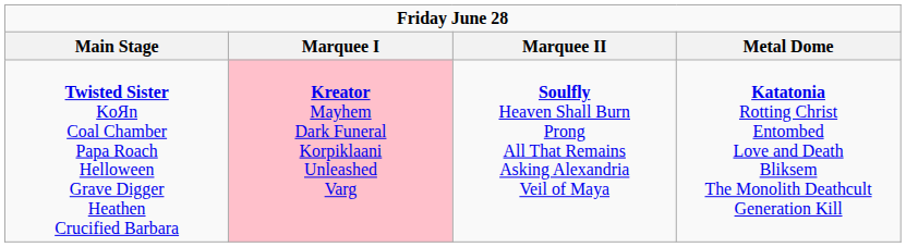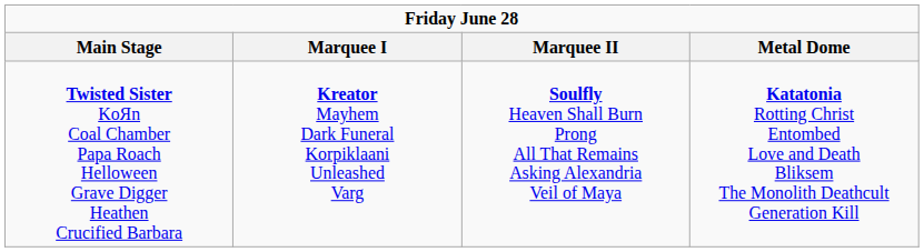 <table class="wikitable">
 <tr>
 <td colspan="4" style="text-align:center;"><strong>Friday June 28</strong></td>
 </tr>
 <tr>
 <th>Main Stage</th>
 <th>Marquee I</th>
 <th>Marquee II</th>
 <th>Metal Dome</th>
 </tr>
 <tr>
 <td style="text-align:center; vertical-align:top; width:200px;"><br><strong><a href='#'>Twisted Sister</a></strong> <br> <a href='#'>KoЯn</a> <br> <a href='#'>Coal Chamber</a> <br> <a href='#'>Papa Roach</a> <br> <a href='#'>Helloween</a> <br> <a href='#'>Grave Digger</a> <br> <a href='#'>Heathen</a> <br> <a href='#'>Crucified Barbara</a></td>
-<td style="background: pink; text-align:center; vertical-align:top; width:200px;"><br><strong><a href='#'>Kreator</a></strong> <br><a href='#'>Mayhem</a> <br> <a href='#'>Dark Funeral</a> <br> <a href='#'>Korpiklaani</a>  <br><a href='#'>Unleashed</a> <br><a href='#'>Varg</a></td>
+<td style="text-align:center; vertical-align:top; width:200px;"><br><strong><a href='#'>Kreator</a></strong> <br><a href='#'>Mayhem</a> <br> <a href='#'>Dark Funeral</a> <br> <a href='#'>Korpiklaani</a>  <br><a href='#'>Unleashed</a> <br><a href='#'>Varg</a></td>
 <td style="text-align:center; vertical-align:top; width:200px;"><br><strong><a href='#'>Soulfly</a></strong> <br><a href='#'>Heaven Shall Burn</a> <br> <a href='#'>Prong</a>  <br> <a href='#'>All That Remains</a> <br> <a href='#'>Asking Alexandria</a>  <br><a href='#'>Veil of Maya</a></td>
 <td style="text-align:center; vertical-align:top; width:200px;"><br><strong><a href='#'>Katatonia</a></strong> <br> <a href='#'>Rotting Christ</a> <br> <a href='#'>Entombed</a> <br> <a href='#'>Love and Death</a> <br> <a href='#'>Bliksem</a> <br> <a href='#'>The Monolith Deathcult</a> <br> <a href='#'>Generation Kill</a></td>
 </tr>
 </table>
